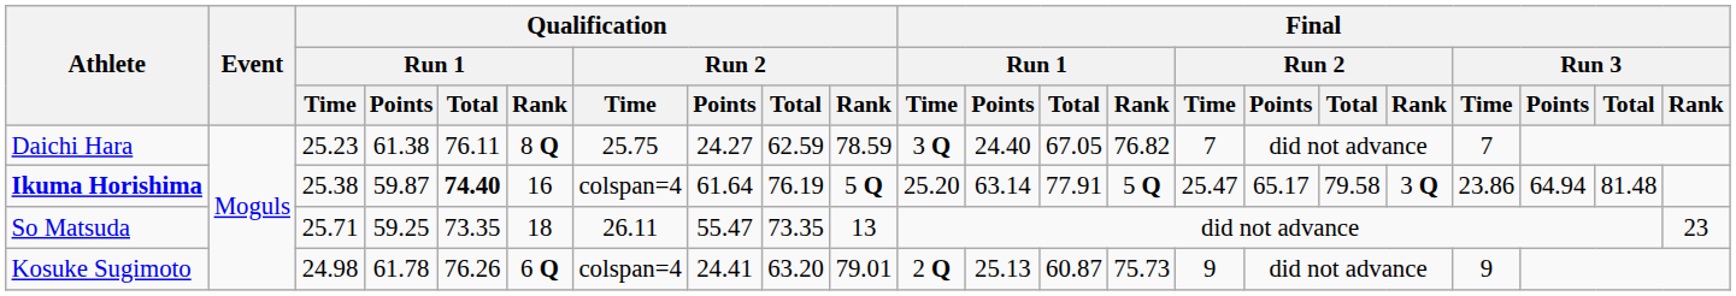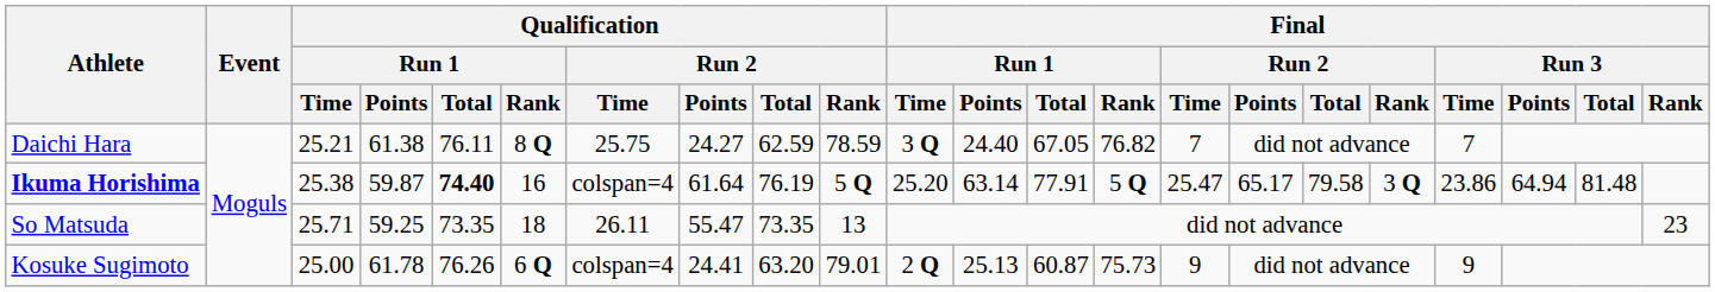 <table class=wikitable style=font-size:90%;text-align:center>
 <tr>
 <th rowspan=3>Athlete</th>
 <th rowspan=3>Event</th>
 <th colspan=8>Qualification</th>
 <th colspan=12>Final</th>
 </tr>
 <tr style=font-size:95%>
 <th colspan=4>Run 1</th>
 <th colspan=4>Run 2</th>
 <th colspan=4>Run 1</th>
 <th colspan=4>Run 2</th>
 <th colspan=4>Run 3</th>
 </tr>
 <tr style=font-size:95%>
 <th>Time</th>
 <th>Points</th>
 <th>Total</th>
 <th>Rank</th>
 <th>Time</th>
 <th>Points</th>
 <th>Total</th>
 <th>Rank</th>
 <th>Time</th>
 <th>Points</th>
 <th>Total</th>
 <th>Rank</th>
 <th>Time</th>
 <th>Points</th>
 <th>Total</th>
 <th>Rank</th>
 <th>Time</th>
 <th>Points</th>
 <th>Total</th>
 <th>Rank</th>
 </tr>
 <tr>
 <td align=left><a href='#'>Daichi Hara</a></td>
 <td rowspan=4 align=left><a href='#'>Moguls</a></td>
-<td>25.23</td>
+<td>25.21</td>
 <td>61.38</td>
 <td>76.11</td>
 <td>8 <strong>Q</strong></td>
 <td>25.75</td>
 <td>24.27</td>
 <td>62.59</td>
 <td>78.59</td>
 <td>3 <strong>Q</strong></td>
 <td>24.40</td>
 <td>67.05</td>
 <td>76.82</td>
 <td>7</td>
 <td colspan=3>did not advance</td>
 <td>7</td>
 </tr>
 <tr>
 <td align=left><strong><a href='#'>Ikuma Horishima</a></strong></td>
 <td>25.38</td>
 <td>59.87</td>
 <td><strong>74.40</strong></td>
 <td>16</td>
 <td>colspan=4 </td>
 <td>61.64</td>
 <td>76.19</td>
 <td>5 <strong>Q</strong></td>
 <td>25.20</td>
 <td>63.14</td>
 <td>77.91</td>
 <td>5 <strong>Q</strong></td>
 <td>25.47</td>
 <td>65.17</td>
 <td>79.58</td>
 <td>3 <strong>Q</strong></td>
 <td>23.86</td>
 <td>64.94</td>
 <td>81.48</td>
 <td></td>
 </tr>
 <tr>
 <td align=left><a href='#'>So Matsuda</a></td>
 <td>25.71</td>
 <td>59.25</td>
 <td>73.35</td>
 <td>18</td>
 <td>26.11</td>
 <td>55.47</td>
 <td>73.35</td>
 <td>13</td>
 <td colspan=11>did not advance</td>
 <td>23</td>
 </tr>
 <tr>
 <td align=left><a href='#'>Kosuke Sugimoto</a></td>
-<td>24.98</td>
+<td>25.00</td>
 <td>61.78</td>
 <td>76.26</td>
 <td>6 <strong>Q</strong></td>
 <td>colspan=4 </td>
 <td>24.41</td>
 <td>63.20</td>
 <td>79.01</td>
 <td>2 <strong>Q</strong></td>
 <td>25.13</td>
 <td>60.87</td>
 <td>75.73</td>
 <td>9</td>
 <td colspan=3>did not advance</td>
 <td>9</td>
 </tr>
 </table>
